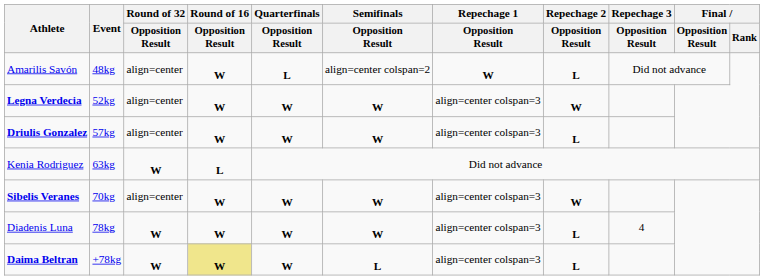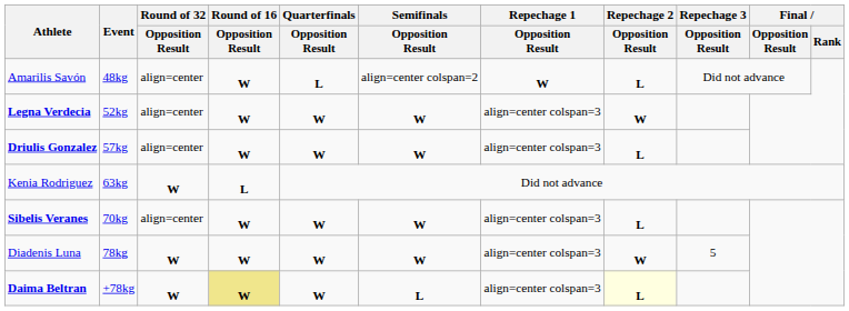 <table class="wikitable" style="font-size:90%">
 <tr>
 <th rowspan="2">Athlete</th>
 <th rowspan="2">Event</th>
 <th>Round of 32</th>
 <th>Round of 16</th>
 <th>Quarterfinals</th>
 <th>Semifinals</th>
 <th>Repechage 1</th>
 <th>Repechage 2</th>
 <th>Repechage 3</th>
 <th colspan=2>Final / </th>
 </tr>
 <tr style="font-size:95%">
 <th>Opposition<br>Result</th>
 <th>Opposition<br>Result</th>
 <th>Opposition<br>Result</th>
 <th>Opposition<br>Result</th>
 <th>Opposition<br>Result</th>
 <th>Opposition<br>Result</th>
 <th>Opposition<br>Result</th>
 <th>Opposition<br>Result</th>
 <th>Rank</th>
 </tr>
 <tr>
 <td align=left><a href='#'>Amarilis Savón</a></td>
 <td align=left><a href='#'>48kg</a></td>
 <td>align=center </td>
 <td align=center><br><strong>W</strong></td>
 <td align=center><br><strong>L</strong></td>
 <td>align=center colspan=2 </td>
 <td align=center><br><strong>W</strong></td>
 <td align=center><br><strong>L</strong></td>
 <td align=center colspan=2>Did not advance</td>
 </tr>
 <tr>
 <td align=left><strong><a href='#'>Legna Verdecia</a></strong></td>
 <td align=left><a href='#'>52kg</a></td>
 <td>align=center </td>
 <td align=center><br><strong>W</strong></td>
 <td align=center><br><strong>W</strong></td>
 <td align=center><br><strong>W</strong></td>
 <td>align=center colspan=3 </td>
 <td align=center><br><strong>W</strong></td>
 <td align=center></td>
 </tr>
 <tr>
 <td align=left><strong><a href='#'>Driulis Gonzalez</a></strong></td>
 <td align=left><a href='#'>57kg</a></td>
 <td>align=center </td>
 <td align=center><br><strong>W</strong></td>
 <td align=center><br><strong>W</strong></td>
 <td align=center><br><strong>W</strong></td>
 <td>align=center colspan=3 </td>
 <td align=center><br><strong>L</strong></td>
 <td align=center></td>
 </tr>
 <tr>
 <td align=left><a href='#'>Kenia Rodriguez</a></td>
 <td align=left><a href='#'>63kg</a></td>
 <td align=center><br><strong>W</strong></td>
 <td align=center><br><strong>L</strong></td>
 <td align=center colspan=7>Did not advance</td>
 </tr>
 <tr>
 <td align=left><strong><a href='#'>Sibelis Veranes</a></strong></td>
 <td align=left><a href='#'>70kg</a></td>
 <td>align=center </td>
 <td align=center><br><strong>W</strong></td>
 <td align=center><br><strong>W</strong></td>
 <td align=center><br><strong>W</strong></td>
 <td>align=center colspan=3 </td>
-<td align=center><br><strong>W</strong></td>
+<td align=center><br><strong>L</strong></td>
 <td align=center></td>
 </tr>
 <tr>
 <td align=left><a href='#'>Diadenis Luna</a></td>
 <td align=left><a href='#'>78kg</a></td>
 <td align=center><br><strong>W</strong></td>
 <td align=center><br><strong>W</strong></td>
 <td align=center><br><strong>W</strong></td>
 <td align=center><br><strong>W</strong></td>
 <td>align=center colspan=3 </td>
-<td align=center><br><strong>L</strong></td>
-<td align=center>4</td>
+<td align=center><br><strong>W</strong></td>
+<td align=center>5</td>
 </tr>
 <tr>
 <td align=left><strong><a href='#'>Daima Beltran</a></strong></td>
 <td align=left><a href='#'>+78kg</a></td>
 <td align=center><br><strong>W</strong></td>
 <td align=center style="background: khaki;"><br><strong>W</strong></td>
 <td align=center><br><strong>W</strong></td>
 <td align=center><br><strong>L</strong></td>
 <td>align=center colspan=3 </td>
-<td align=center><br><strong>L</strong></td>
+<td align=center style="background: lightyellow;"><br><strong>L</strong></td>
 <td align=center></td>
 </tr>
 </table>
